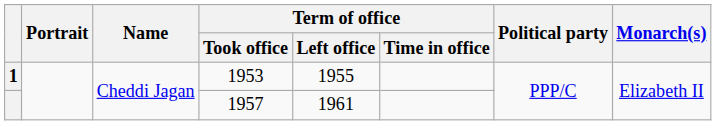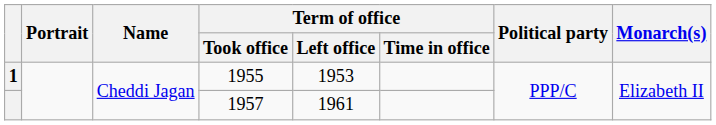 <table class="wikitable" style="text-align:center">
 <tr>
 <th rowspan="2"></th>
 <th rowspan="2">Portrait</th>
 <th rowspan="2">Name<br></th>
 <th colspan="3">Term of office</th>
 <th rowspan="2">Political party</th>
 <th rowspan="2"><a href='#'>Monarch(s)</a></th>
 </tr>
 <tr>
 <th>Took office</th>
 <th>Left office</th>
 <th>Time in office</th>
 </tr>
 <tr>
 <th style="background:">1</th>
 <td rowspan="2"></td>
 <td rowspan="2"><a href='#'>Cheddi Jagan</a><br></td>
+<td> 1955</td>
 <td> 1953</td>
-<td> 1955</td>
 <td></td>
 <td rowspan="2"><a href='#'>PPP/C</a></td>
 <td rowspan="2"><a href='#'>Elizabeth II</a></td>
 </tr>
 <tr>
 <th style="background:"></th>
 <td> 1957</td>
 <td> 1961</td>
 <td></td>
 </tr>
 </table>
